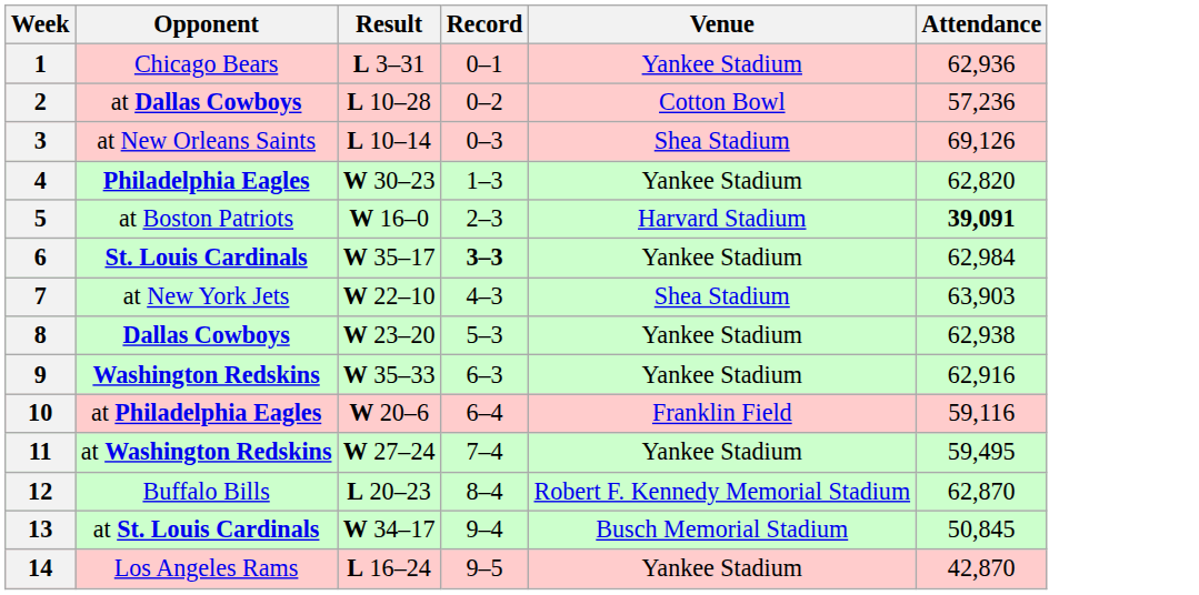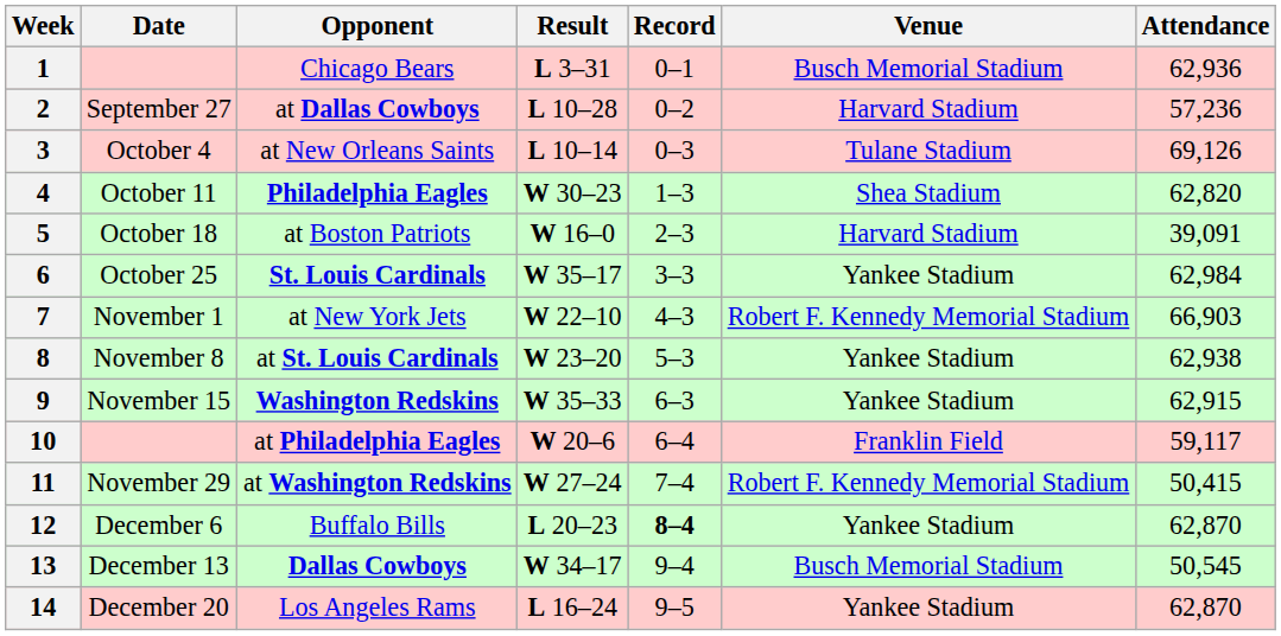 <table class="wikitable" style="text-align:center">
 <tr>
 <th>Week</th>
+<th>Date</th>
 <th>Opponent</th>
 <th>Result</th>
 <th>Record</th>
 <th>Venue</th>
 <th>Attendance</th>
 </tr>
 <tr style="background:#fcc">
 <th>1</th>
+<td></td>
 <td><a href='#'>Chicago Bears</a></td>
 <td><strong>L</strong> 3–31</td>
 <td>0–1</td>
-<td><a href='#'>Yankee Stadium</a></td>
+<td><a href='#'>Busch Memorial Stadium</a></td>
 <td>62,936</td>
 </tr>
 <tr style="background:#fcc">
 <th>2</th>
+<td>September 27</td>
 <td>at <strong><a href='#'>Dallas Cowboys</a></strong></td>
 <td><strong>L</strong> 10–28</td>
 <td>0–2</td>
-<td><a href='#'>Cotton Bowl</a></td>
+<td><a href='#'>Harvard Stadium</a></td>
 <td>57,236</td>
 </tr>
 <tr style="background:#fcc">
 <th>3</th>
+<td>October 4</td>
 <td>at <a href='#'>New Orleans Saints</a></td>
 <td><strong>L</strong> 10–14</td>
 <td>0–3</td>
-<td><a href='#'>Shea Stadium</a></td>
+<td><a href='#'>Tulane Stadium</a></td>
 <td>69,126</td>
 </tr>
 <tr style="background:#cfc">
 <th>4</th>
+<td>October 11</td>
 <td><strong><a href='#'>Philadelphia Eagles</a></strong></td>
 <td><strong>W</strong> 30–23</td>
 <td>1–3</td>
-<td>Yankee Stadium</td>
+<td><a href='#'>Shea Stadium</a></td>
 <td>62,820</td>
 </tr>
 <tr style="background:#cfc">
 <th>5</th>
+<td>October 18</td>
 <td>at <a href='#'>Boston Patriots</a></td>
 <td><strong>W</strong> 16–0</td>
 <td>2–3</td>
 <td><a href='#'>Harvard Stadium</a></td>
-<td><strong>39,091</strong></td>
+<td>39,091</td>
 </tr>
 <tr style="background:#cfc">
 <th>6</th>
+<td>October 25</td>
 <td><strong><a href='#'>St. Louis Cardinals</a></strong></td>
 <td><strong>W</strong> 35–17</td>
-<td><strong>3–3</strong></td>
+<td>3–3</td>
 <td>Yankee Stadium</td>
 <td>62,984</td>
 </tr>
 <tr style="background:#cfc">
 <th>7</th>
+<td>November 1</td>
 <td>at <a href='#'>New York Jets</a></td>
 <td><strong>W</strong> 22–10</td>
 <td>4–3</td>
-<td><a href='#'>Shea Stadium</a></td>
-<td>63,903</td>
+<td><a href='#'>Robert F. Kennedy Memorial Stadium</a></td>
+<td>66,903</td>
 </tr>
 <tr style="background:#cfc">
 <th>8</th>
-<td><strong><a href='#'>Dallas Cowboys</a></strong></td>
+<td>November 8</td>
+<td>at <strong><a href='#'>St. Louis Cardinals</a></strong></td>
 <td><strong>W</strong> 23–20</td>
 <td>5–3</td>
 <td>Yankee Stadium</td>
 <td>62,938</td>
 </tr>
 <tr style="background:#cfc">
 <th>9</th>
+<td>November 15</td>
 <td><strong><a href='#'>Washington Redskins</a></strong></td>
 <td><strong>W</strong> 35–33</td>
 <td>6–3</td>
 <td>Yankee Stadium</td>
-<td>62,916</td>
+<td>62,915</td>
 </tr>
 <tr style="background:#fcc">
 <th>10</th>
+<td></td>
 <td>at <strong><a href='#'>Philadelphia Eagles</a></strong></td>
 <td><strong>W</strong> 20–6</td>
 <td>6–4</td>
 <td><a href='#'>Franklin Field</a></td>
-<td>59,116</td>
+<td>59,117</td>
 </tr>
 <tr style="background:#cfc">
 <th>11</th>
+<td>November 29</td>
 <td>at <strong><a href='#'>Washington Redskins</a></strong></td>
 <td><strong>W</strong> 27–24</td>
 <td>7–4</td>
-<td>Yankee Stadium</td>
-<td>59,495</td>
+<td><a href='#'>Robert F. Kennedy Memorial Stadium</a></td>
+<td>50,415</td>
 </tr>
 <tr style="background:#cfc">
 <th>12</th>
+<td>December 6</td>
 <td><a href='#'>Buffalo Bills</a></td>
 <td><strong>L</strong> 20–23</td>
-<td>8–4</td>
-<td><a href='#'>Robert F. Kennedy Memorial Stadium</a></td>
+<td><strong>8–4</strong></td>
+<td>Yankee Stadium</td>
 <td>62,870</td>
 </tr>
 <tr style="background:#cfc">
 <th>13</th>
-<td>at <strong><a href='#'>St. Louis Cardinals</a></strong></td>
+<td>December 13</td>
+<td><strong><a href='#'>Dallas Cowboys</a></strong></td>
 <td><strong>W</strong> 34–17</td>
 <td>9–4</td>
 <td><a href='#'>Busch Memorial Stadium</a></td>
-<td>50,845</td>
+<td>50,545</td>
 </tr>
 <tr style="background:#fcc">
 <th>14</th>
+<td>December 20</td>
 <td><a href='#'>Los Angeles Rams</a></td>
 <td><strong>L</strong> 16–24</td>
 <td>9–5</td>
 <td>Yankee Stadium</td>
-<td>42,870</td>
+<td>62,870</td>
 </tr>
 </table>
